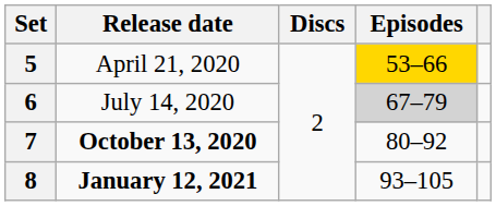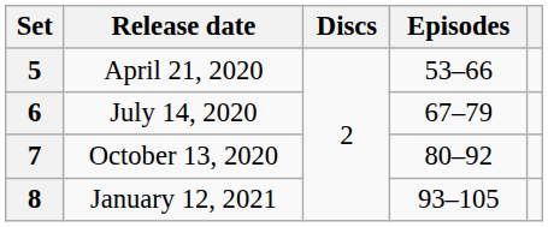 <table class="wikitable" style="text-align: center; width: 20%;">
 <tr>
 <th scope="col" 175px;>Set</th>
 <th scope="col" 125px;>Release date</th>
 <th scope="col">Discs</th>
 <th scope="col">Episodes</th>
 <th scope="col"></th>
 </tr>
 <tr>
 <th scope="row">5</th>
 <td>April 21, 2020</td>
 <td rowspan="4">2</td>
-<td style="background: gold;">53–66</td>
+<td>53–66</td>
 <td></td>
 </tr>
 <tr>
 <th scope="row">6</th>
 <td>July 14, 2020</td>
-<td style="background: lightgrey;">67–79</td>
+<td>67–79</td>
 <td></td>
 </tr>
 <tr>
 <th scope="row">7</th>
-<td><strong>October 13, 2020</strong></td>
+<td>October 13, 2020</td>
 <td>80–92</td>
 <td></td>
 </tr>
 <tr>
 <th scope="row">8</th>
-<td><strong>January 12, 2021</strong></td>
+<td>January 12, 2021</td>
 <td>93–105</td>
 <td></td>
 </tr>
 </table>
